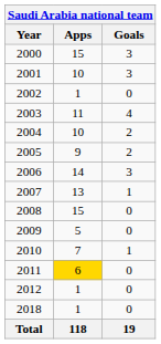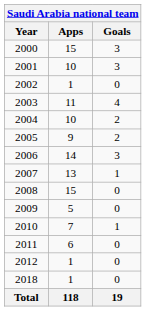 <table class="wikitable" style="text-align:center">
 <tr>
 <th colspan=3><a href='#'>Saudi Arabia national team</a></th>
 </tr>
 <tr>
 <th>Year</th>
 <th>Apps</th>
 <th>Goals</th>
 </tr>
 <tr>
 <td>2000</td>
 <td>15</td>
 <td>3</td>
 </tr>
 <tr>
 <td>2001</td>
 <td>10</td>
 <td>3</td>
 </tr>
 <tr>
 <td>2002</td>
 <td>1</td>
 <td>0</td>
 </tr>
 <tr>
 <td>2003</td>
 <td>11</td>
 <td>4</td>
 </tr>
 <tr>
 <td>2004</td>
 <td>10</td>
 <td>2</td>
 </tr>
 <tr>
 <td>2005</td>
 <td>9</td>
 <td>2</td>
 </tr>
 <tr>
 <td>2006</td>
 <td>14</td>
 <td>3</td>
 </tr>
 <tr>
 <td>2007</td>
 <td>13</td>
 <td>1</td>
 </tr>
 <tr>
 <td>2008</td>
 <td>15</td>
 <td>0</td>
 </tr>
 <tr>
 <td>2009</td>
 <td>5</td>
 <td>0</td>
 </tr>
 <tr>
 <td>2010</td>
 <td>7</td>
 <td>1</td>
 </tr>
 <tr>
 <td>2011</td>
-<td style="background: gold;">6</td>
+<td>6</td>
 <td>0</td>
 </tr>
 <tr>
 <td>2012</td>
 <td>1</td>
 <td>0</td>
 </tr>
 <tr>
 <td>2018</td>
 <td>1</td>
 <td>0</td>
 </tr>
 <tr>
 <th>Total</th>
 <th>118</th>
 <th>19</th>
 </tr>
 </table>
